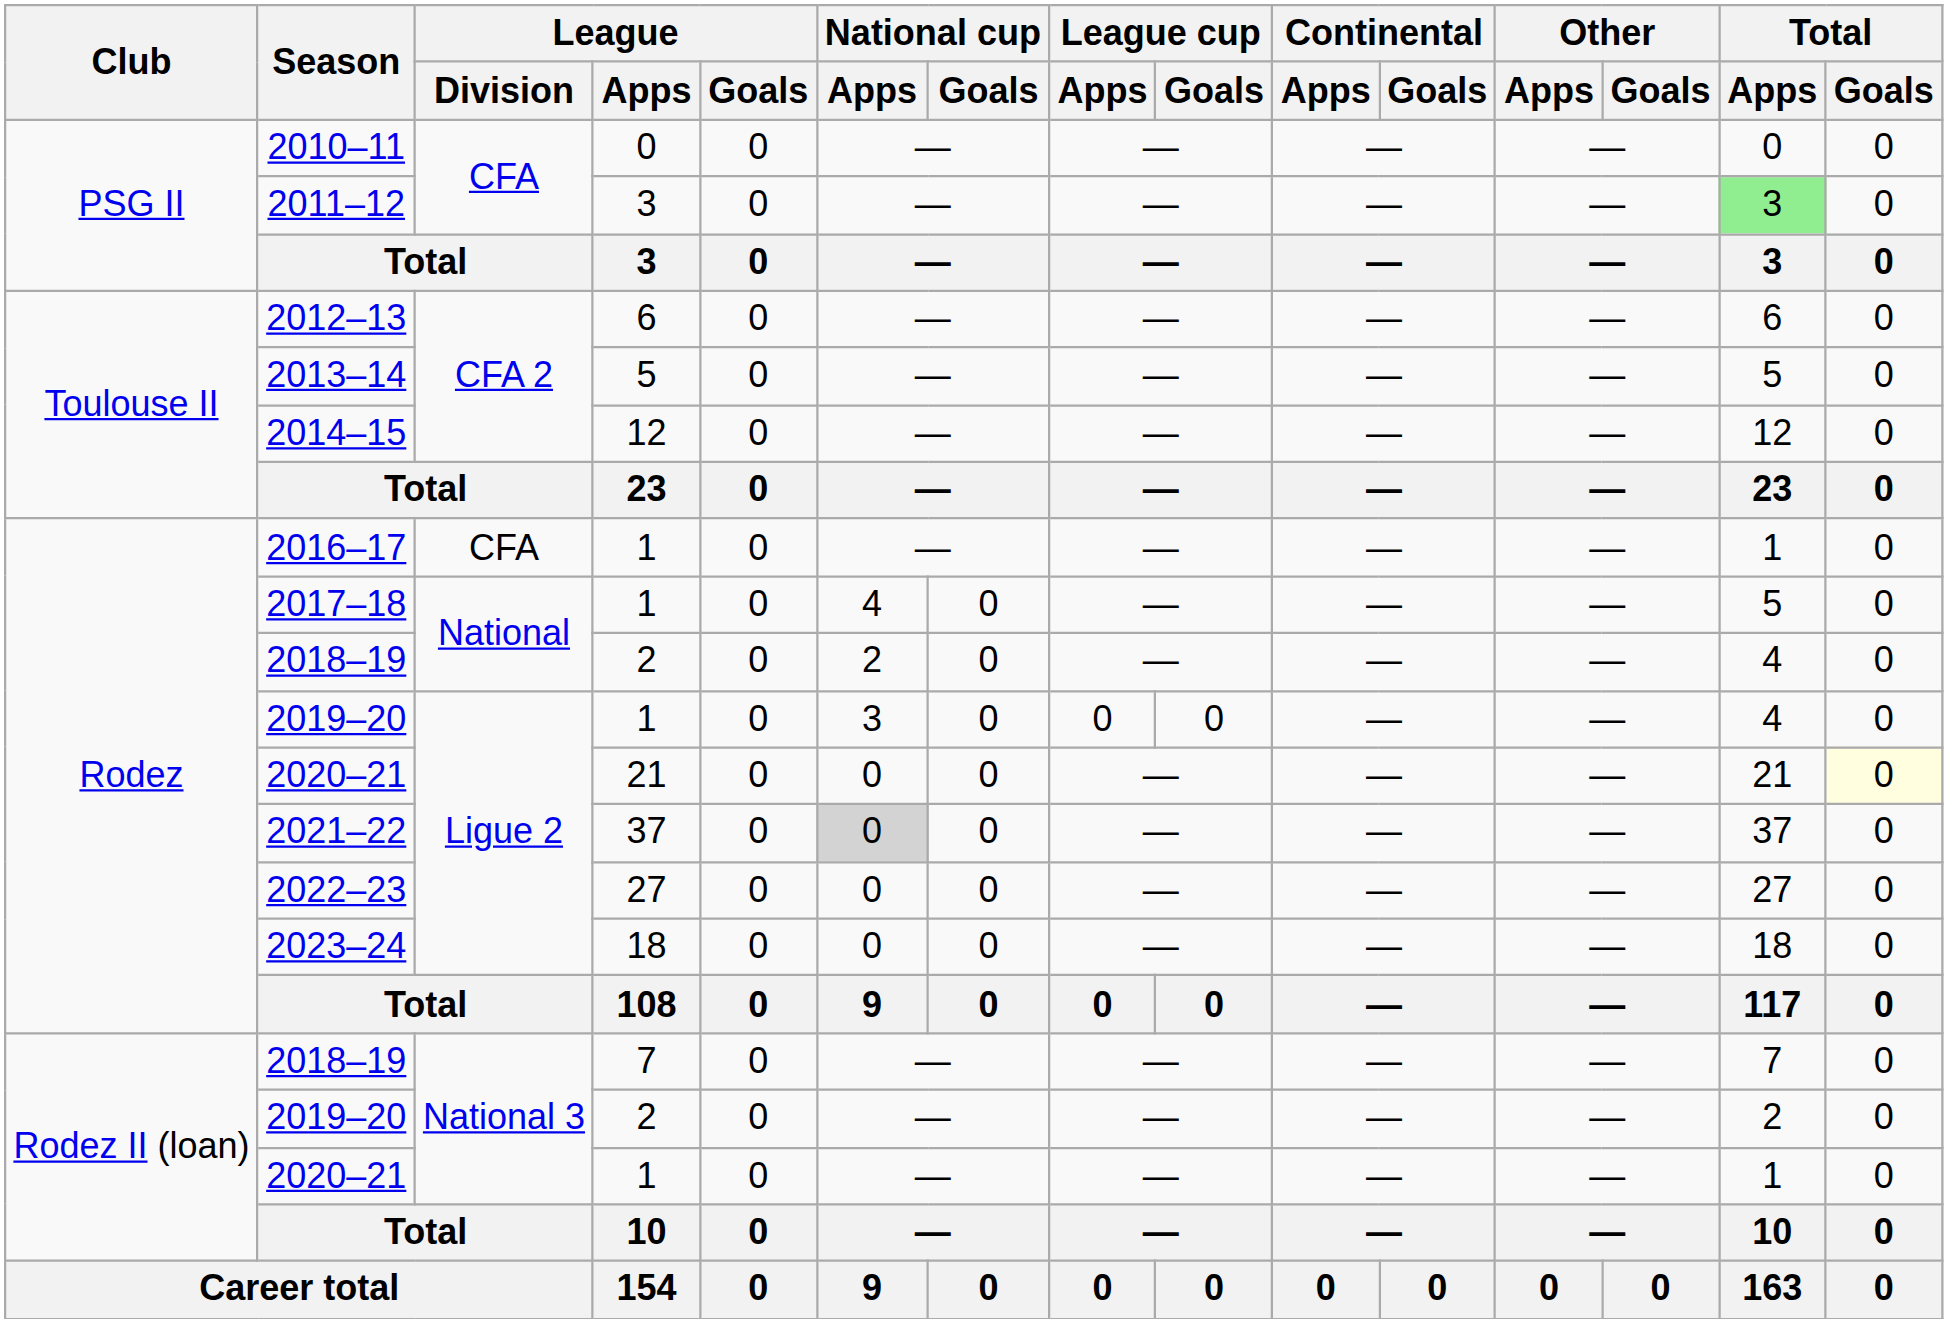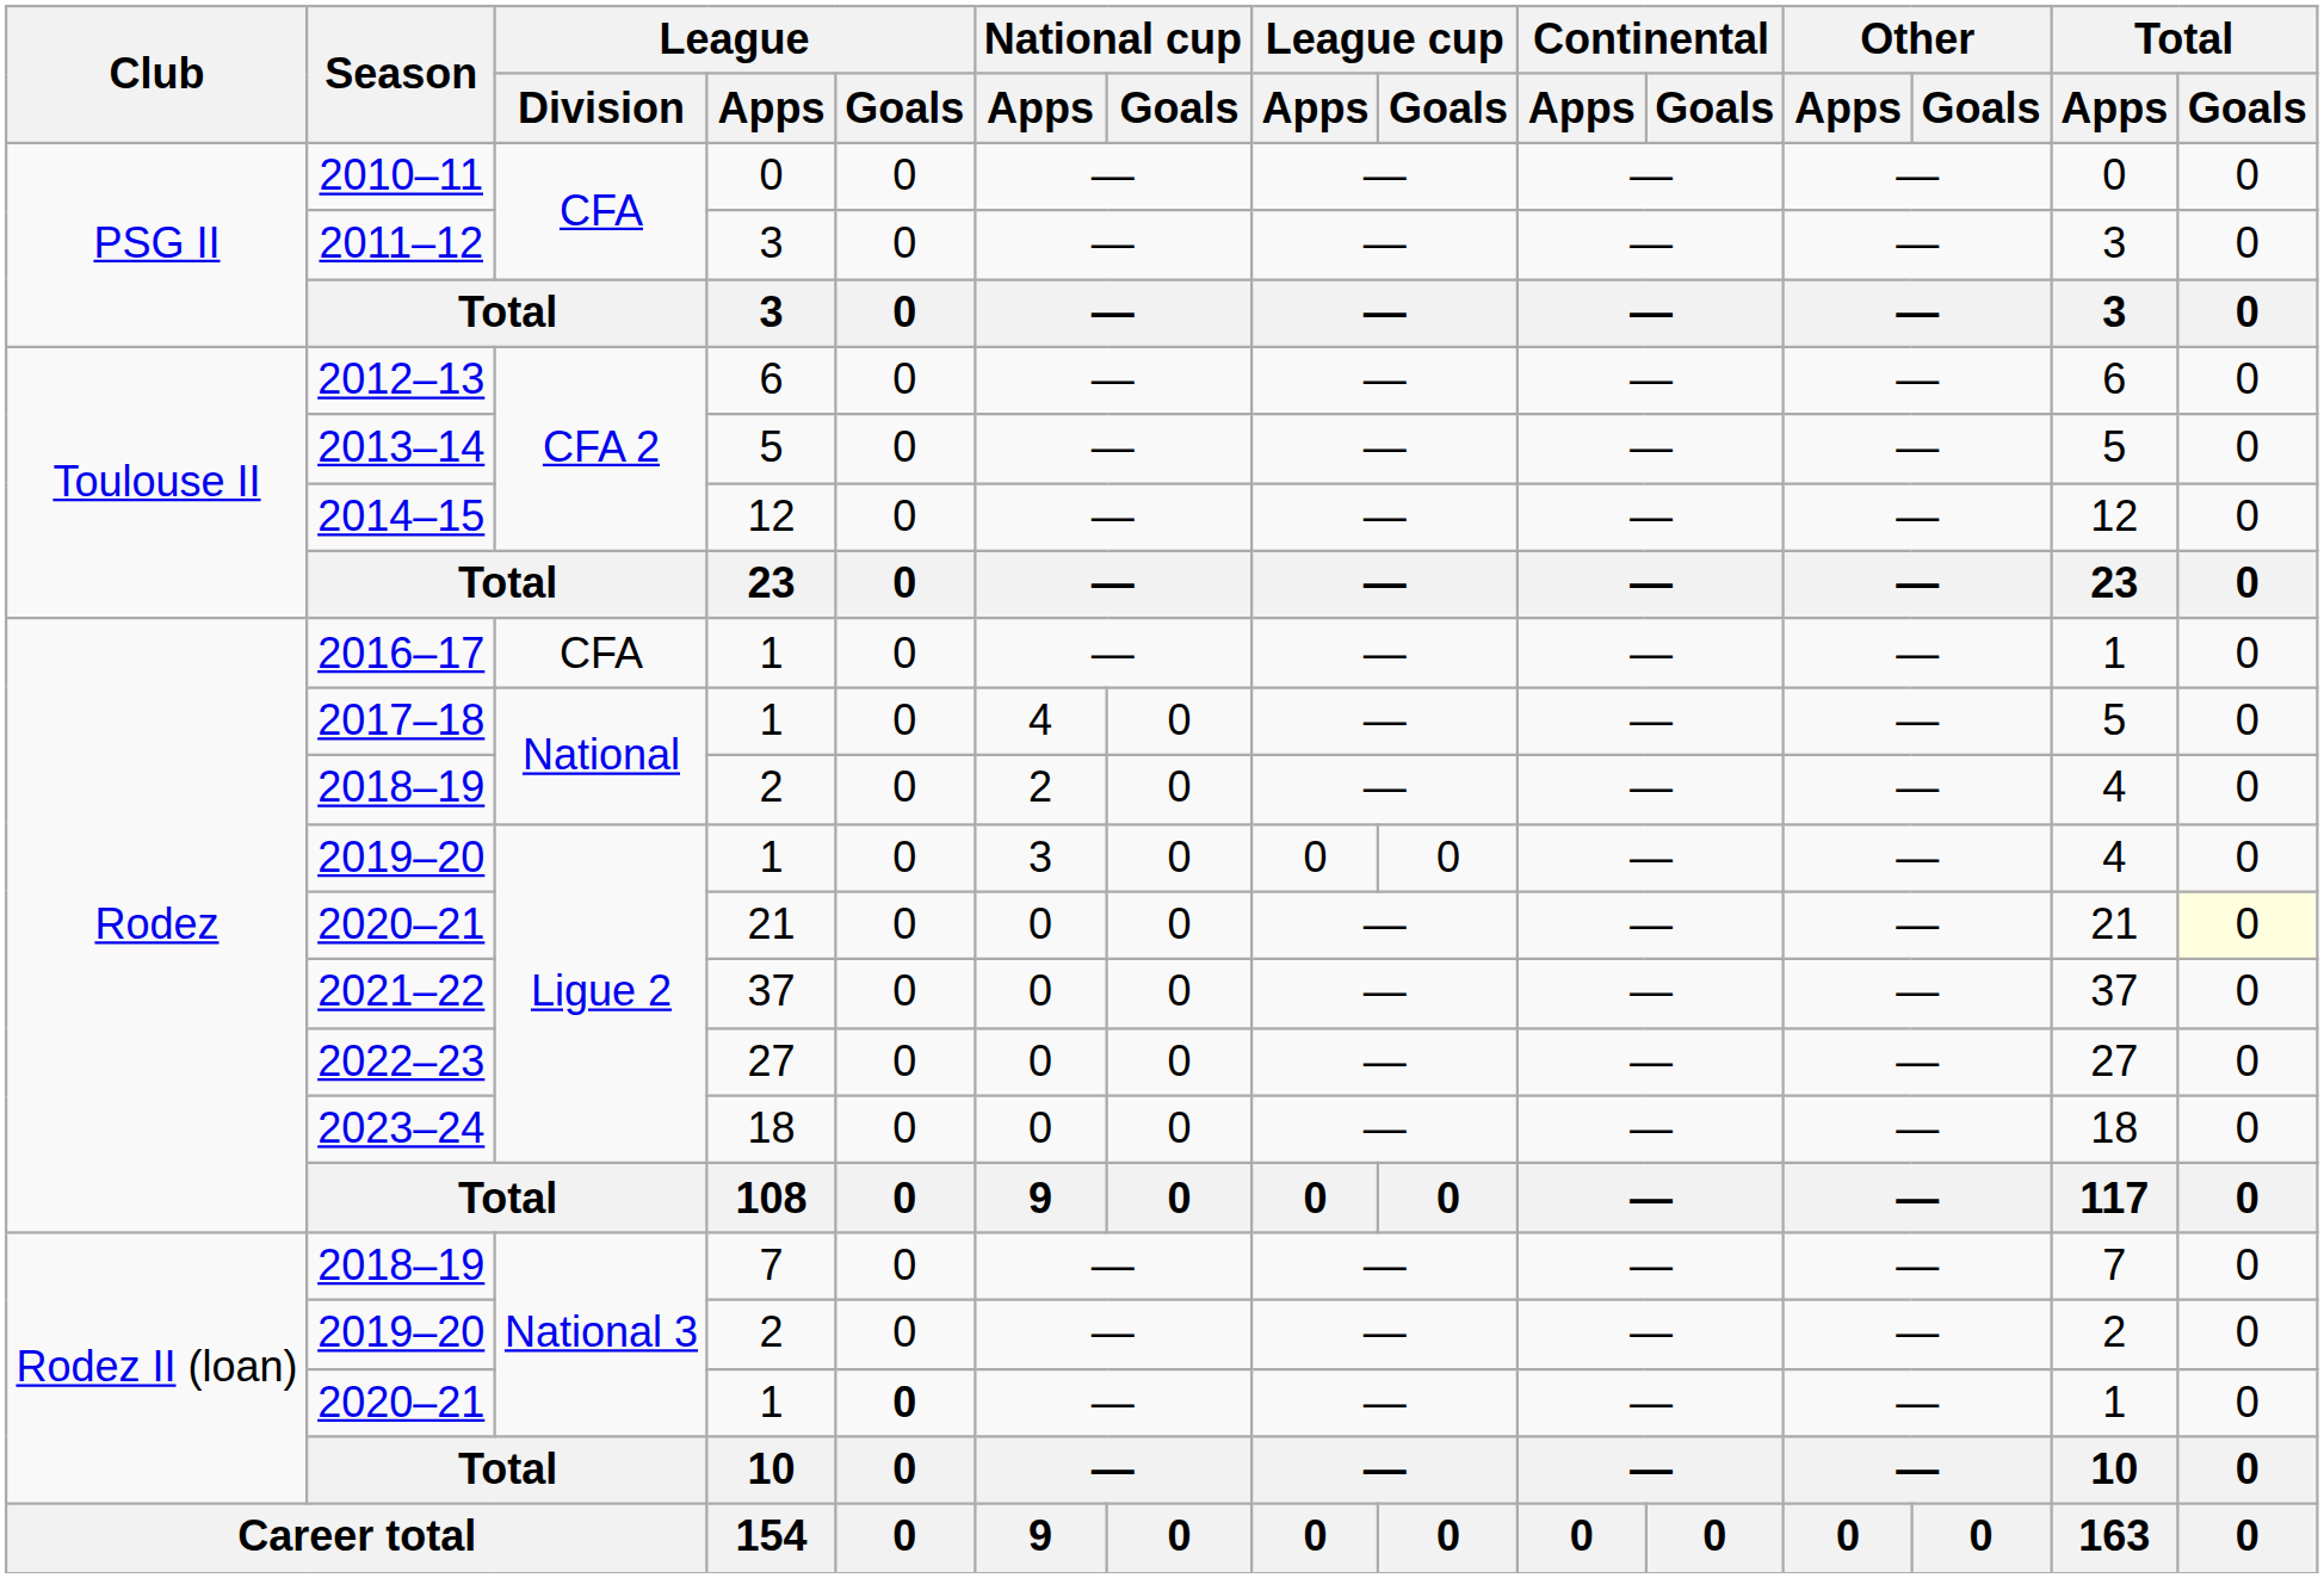 <table class="wikitable" style="text-align:center">
 <tr>
 <th rowspan="2">Club</th>
 <th rowspan="2">Season</th>
 <th colspan="3">League</th>
 <th colspan="2">National cup</th>
 <th colspan="2">League cup</th>
 <th colspan="2">Continental</th>
 <th colspan="2">Other</th>
 <th colspan="2">Total</th>
 </tr>
 <tr>
 <th>Division</th>
 <th>Apps</th>
 <th>Goals</th>
 <th>Apps</th>
 <th>Goals</th>
 <th>Apps</th>
 <th>Goals</th>
 <th>Apps</th>
 <th>Goals</th>
 <th>Apps</th>
 <th>Goals</th>
 <th>Apps</th>
 <th>Goals</th>
 </tr>
 <tr>
 <td rowspan="3"><a href='#'>PSG II</a></td>
 <td><a href='#'>2010–11</a></td>
 <td rowspan="2"><a href='#'>CFA</a></td>
 <td>0</td>
 <td>0</td>
 <td colspan="2">—</td>
 <td colspan="2">—</td>
 <td colspan="2">—</td>
 <td colspan="2">—</td>
 <td>0</td>
 <td>0</td>
 </tr>
 <tr>
 <td><a href='#'>2011–12</a></td>
 <td>3</td>
 <td>0</td>
 <td colspan="2">—</td>
 <td colspan="2">—</td>
 <td colspan="2">—</td>
 <td colspan="2">—</td>
-<td style="background: lightgreen;">3</td>
+<td>3</td>
 <td>0</td>
 </tr>
 <tr>
 <th colspan="2">Total</th>
 <th>3</th>
 <th>0</th>
 <th colspan="2">—</th>
 <th colspan="2">—</th>
 <th colspan="2">—</th>
 <th colspan="2">—</th>
 <th>3</th>
 <th>0</th>
 </tr>
 <tr>
 <td rowspan="4"><a href='#'>Toulouse II</a></td>
 <td><a href='#'>2012–13</a></td>
 <td rowspan="3"><a href='#'>CFA 2</a></td>
 <td>6</td>
 <td>0</td>
 <td colspan="2">—</td>
 <td colspan="2">—</td>
 <td colspan="2">—</td>
 <td colspan="2">—</td>
 <td>6</td>
 <td>0</td>
 </tr>
 <tr>
 <td><a href='#'>2013–14</a></td>
 <td>5</td>
 <td>0</td>
 <td colspan="2">—</td>
 <td colspan="2">—</td>
 <td colspan="2">—</td>
 <td colspan="2">—</td>
 <td>5</td>
 <td>0</td>
 </tr>
 <tr>
 <td><a href='#'>2014–15</a></td>
 <td>12</td>
 <td>0</td>
 <td colspan="2">—</td>
 <td colspan="2">—</td>
 <td colspan="2">—</td>
 <td colspan="2">—</td>
 <td>12</td>
 <td>0</td>
 </tr>
 <tr>
 <th colspan="2">Total</th>
 <th>23</th>
 <th>0</th>
 <th colspan="2">—</th>
 <th colspan="2">—</th>
 <th colspan="2">—</th>
 <th colspan="2">—</th>
 <th>23</th>
 <th>0</th>
 </tr>
 <tr>
 <td rowspan="9"><a href='#'>Rodez</a></td>
 <td><a href='#'>2016–17</a></td>
 <td>CFA</td>
 <td>1</td>
 <td>0</td>
 <td colspan="2">—</td>
 <td colspan="2">—</td>
 <td colspan="2">—</td>
 <td colspan="2">—</td>
 <td>1</td>
 <td>0</td>
 </tr>
 <tr>
 <td><a href='#'>2017–18</a></td>
 <td rowspan="2"><a href='#'>National</a></td>
 <td>1</td>
 <td>0</td>
 <td>4</td>
 <td>0</td>
 <td colspan="2">—</td>
 <td colspan="2">—</td>
 <td colspan="2">—</td>
 <td>5</td>
 <td>0</td>
 </tr>
 <tr>
 <td><a href='#'>2018–19</a></td>
 <td>2</td>
 <td>0</td>
 <td>2</td>
 <td>0</td>
 <td colspan="2">—</td>
 <td colspan="2">—</td>
 <td colspan="2">—</td>
 <td>4</td>
 <td>0</td>
 </tr>
 <tr>
 <td><a href='#'>2019–20</a></td>
 <td rowspan="5"><a href='#'>Ligue 2</a></td>
 <td>1</td>
 <td>0</td>
 <td>3</td>
 <td>0</td>
 <td>0</td>
 <td>0</td>
 <td colspan="2">—</td>
 <td colspan="2">—</td>
 <td>4</td>
 <td>0</td>
 </tr>
 <tr>
 <td><a href='#'>2020–21</a></td>
 <td>21</td>
 <td>0</td>
 <td>0</td>
 <td>0</td>
 <td colspan="2">—</td>
 <td colspan="2">—</td>
 <td colspan="2">—</td>
 <td>21</td>
 <td style="background: lightyellow;">0</td>
 </tr>
 <tr>
 <td><a href='#'>2021–22</a></td>
 <td>37</td>
 <td>0</td>
-<td style="background: lightgrey;">0</td>
+<td>0</td>
 <td>0</td>
 <td colspan="2">—</td>
 <td colspan="2">—</td>
 <td colspan="2">—</td>
 <td>37</td>
 <td>0</td>
 </tr>
 <tr>
 <td><a href='#'>2022–23</a></td>
 <td>27</td>
 <td>0</td>
 <td>0</td>
 <td>0</td>
 <td colspan="2">—</td>
 <td colspan="2">—</td>
 <td colspan="2">—</td>
 <td>27</td>
 <td>0</td>
 </tr>
 <tr>
 <td><a href='#'>2023–24</a></td>
 <td>18</td>
 <td>0</td>
 <td>0</td>
 <td>0</td>
 <td colspan="2">—</td>
 <td colspan="2">—</td>
 <td colspan="2">—</td>
 <td>18</td>
 <td>0</td>
 </tr>
 <tr>
 <th colspan="2">Total</th>
 <th>108</th>
 <th>0</th>
 <th>9</th>
 <th>0</th>
 <th>0</th>
 <th>0</th>
 <th colspan="2">—</th>
 <th colspan="2">—</th>
 <th>117</th>
 <th>0</th>
 </tr>
 <tr>
 <td rowspan="4"><a href='#'>Rodez II</a> (loan)</td>
 <td><a href='#'>2018–19</a></td>
 <td rowspan="3"><a href='#'>National 3</a></td>
 <td>7</td>
 <td>0</td>
 <td colspan="2">—</td>
 <td colspan="2">—</td>
 <td colspan="2">—</td>
 <td colspan="2">—</td>
 <td>7</td>
 <td>0</td>
 </tr>
 <tr>
 <td><a href='#'>2019–20</a></td>
 <td>2</td>
 <td>0</td>
 <td colspan="2">—</td>
 <td colspan="2">—</td>
 <td colspan="2">—</td>
 <td colspan="2">—</td>
 <td>2</td>
 <td>0</td>
 </tr>
 <tr>
 <td><a href='#'>2020–21</a></td>
 <td>1</td>
-<td>0</td>
+<td><strong>0</strong></td>
 <td colspan="2">—</td>
 <td colspan="2">—</td>
 <td colspan="2">—</td>
 <td colspan="2">—</td>
 <td>1</td>
 <td>0</td>
 </tr>
 <tr>
 <th colspan="2">Total</th>
 <th>10</th>
 <th>0</th>
 <th colspan="2">—</th>
 <th colspan="2">—</th>
 <th colspan="2">—</th>
 <th colspan="2">—</th>
 <th>10</th>
 <th>0</th>
 </tr>
 <tr>
 <th colspan="3">Career total</th>
 <th>154</th>
 <th>0</th>
 <th>9</th>
 <th>0</th>
 <th>0</th>
 <th>0</th>
 <th>0</th>
 <th>0</th>
 <th>0</th>
 <th>0</th>
 <th>163</th>
 <th>0</th>
 </tr>
 </table>
